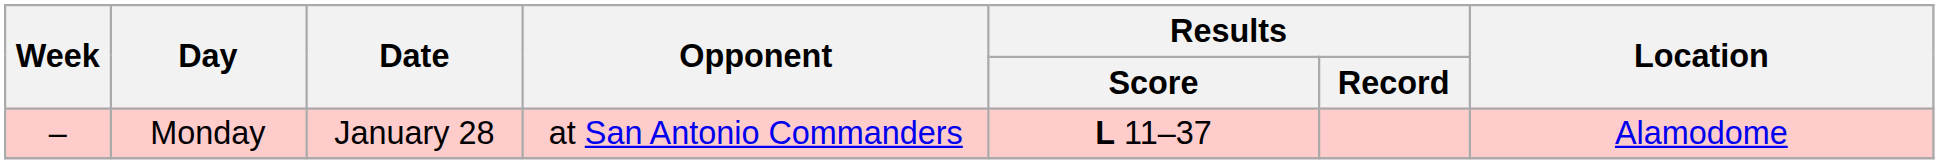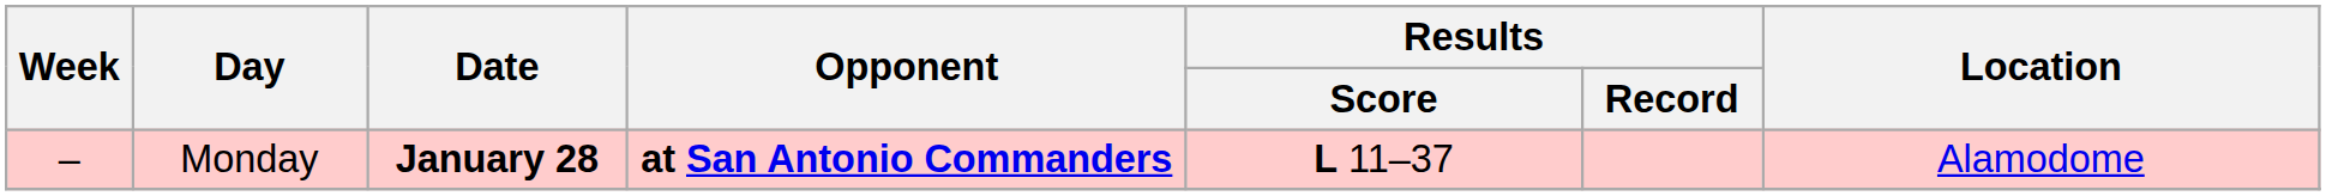 <table class="wikitable" style="text-align:center; font-size:90%">
 <tr>
 <th rowspan="2" width="40">Week</th>
 <th rowspan="2" width="80">Day</th>
 <th rowspan="2" width="90">Date</th>
 <th rowspan="2" width="200">Opponent</th>
 <th colspan="2" width="200">Results</th>
 <th rowspan="2" width="200">Location</th>
 </tr>
 <tr>
 <th width="140">Score</th>
 <th width="60">Record</th>
 </tr>
 <tr bgcolor="#ffcccc">
 <td>–</td>
 <td>Monday</td>
-<td>January 28</td>
-<td>at <a href='#'>San Antonio Commanders</a></td>
+<td><strong>January 28</strong></td>
+<td><strong>at <a href='#'>San Antonio Commanders</a></strong></td>
 <td><strong>L</strong> 11–37</td>
 <td></td>
 <td><a href='#'>Alamodome</a></td>
 </tr>
 <tr>
 </tr>
 </table>
